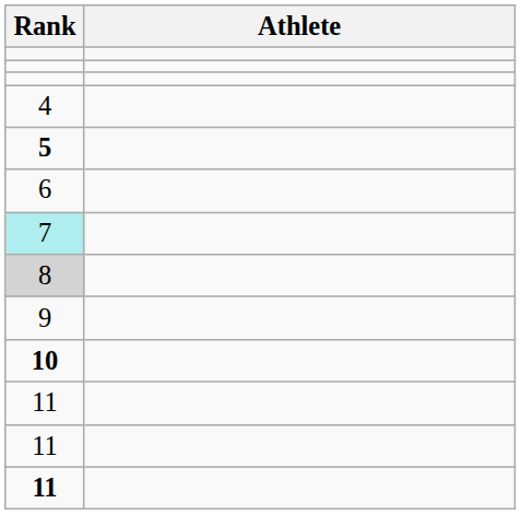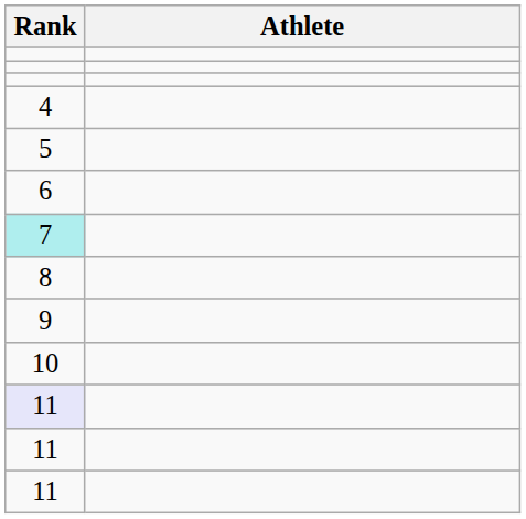 <table class="wikitable" style="text-align: center;">
 <tr>
 <th width=40>Rank</th>
 <th width=250>Athlete</th>
 </tr>
 <tr>
 <td></td>
 <td align="left"></td>
 </tr>
 <tr>
 <td></td>
 <td align="left"></td>
 </tr>
 <tr>
 <td></td>
 <td align="left"></td>
 </tr>
 <tr>
 <td>4</td>
 <td align="left"></td>
 </tr>
 <tr>
-<td><strong>5</strong></td>
+<td>5</td>
 <td align="left"></td>
 </tr>
 <tr>
 <td>6</td>
 <td align="left"></td>
 </tr>
 <tr>
 <td style="background: paleturquoise;">7</td>
 <td align="left"></td>
 </tr>
 <tr>
-<td style="background: lightgrey;">8</td>
+<td>8</td>
 <td align="left"></td>
 </tr>
 <tr>
 <td>9</td>
 <td align="left"></td>
 </tr>
 <tr>
-<td><strong>10</strong></td>
+<td>10</td>
+<td align="left"></td>
+</tr>
+<tr>
+<td style="background: lavender;">11</td>
 <td align="left"></td>
 </tr>
 <tr>
 <td>11</td>
 <td align="left"></td>
 </tr>
 <tr>
 <td>11</td>
 <td align="left"></td>
 </tr>
-<tr>
-<td><strong>11</strong></td>
-<td align="left"></td>
-</tr>
 </table>
